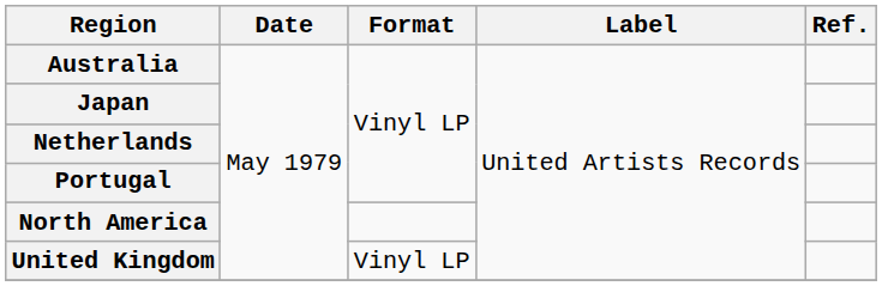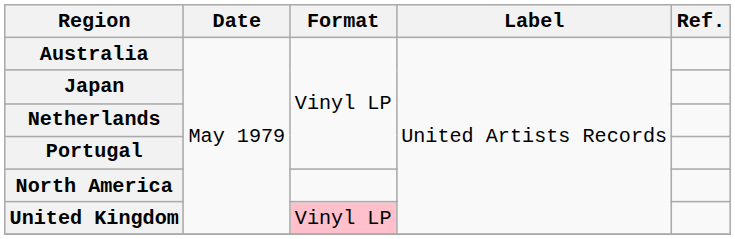 <table class="wikitable plainrowheaders">
 <tr>
 <th scope="col">Region</th>
 <th scope="col">Date</th>
 <th scope="col">Format</th>
 <th scope="col">Label</th>
 <th scope="col">Ref.</th>
 </tr>
 <tr>
 <th scope="row">Australia</th>
 <td rowspan="6">May 1979</td>
 <td rowspan="4">Vinyl LP</td>
 <td rowspan="6">United Artists Records</td>
 <td></td>
 </tr>
 <tr>
 <th scope="row">Japan</th>
 <td></td>
 </tr>
 <tr>
 <th scope="row">Netherlands</th>
 <td></td>
 </tr>
 <tr>
 <th scope="row">Portugal</th>
 <td></td>
 </tr>
 <tr>
 <th scope="row">North America</th>
 <td></td>
 <td></td>
 </tr>
 <tr>
 <th scope="row">United Kingdom</th>
-<td>Vinyl LP</td>
+<td style="background: pink;">Vinyl LP</td>
 <td></td>
 </tr>
 <tr>
 </tr>
 </table>
